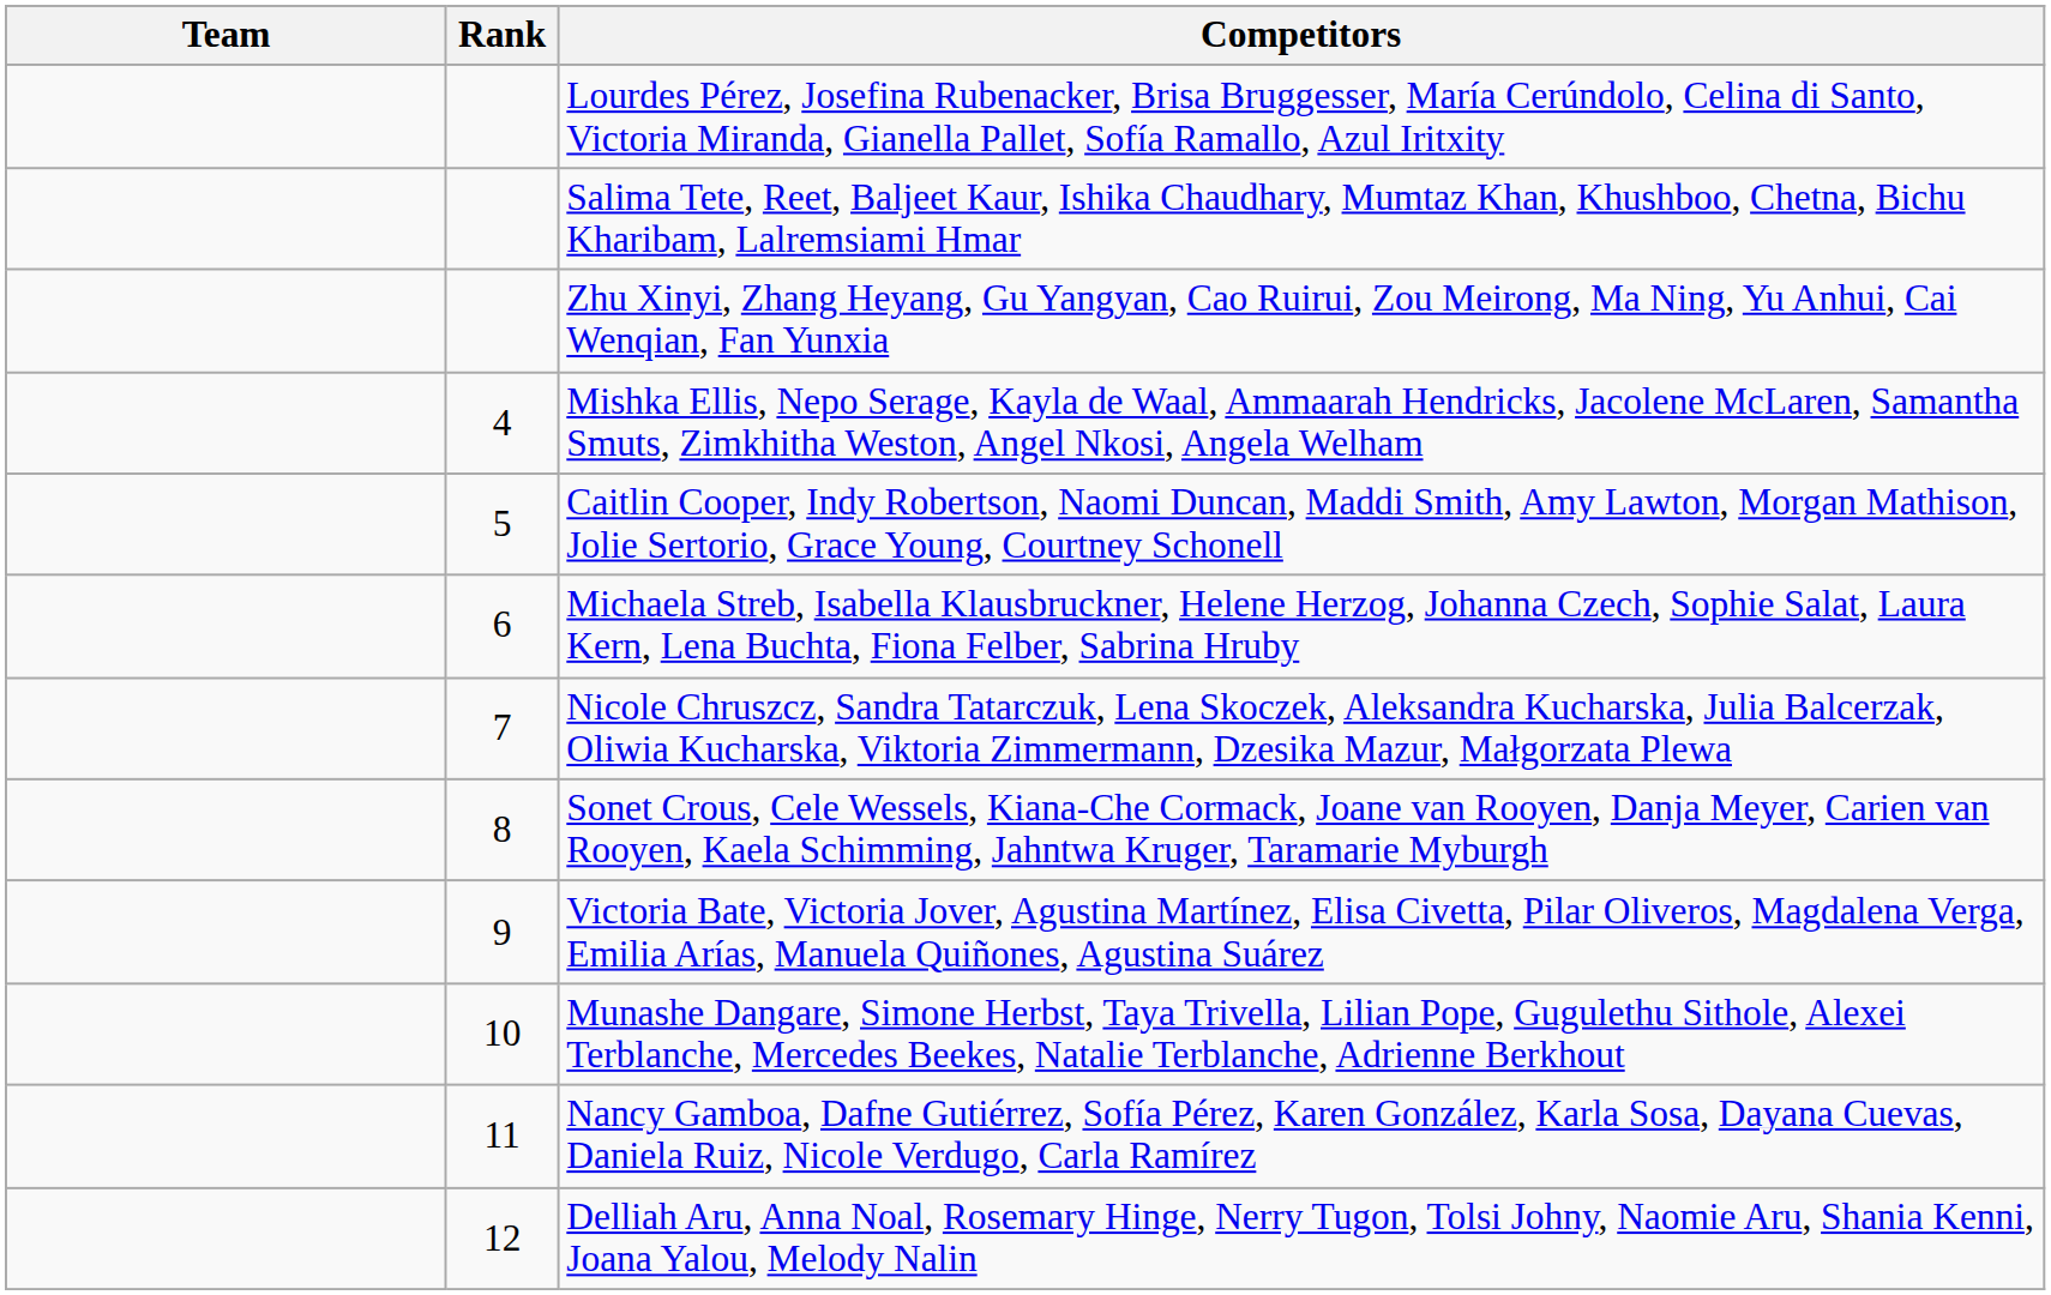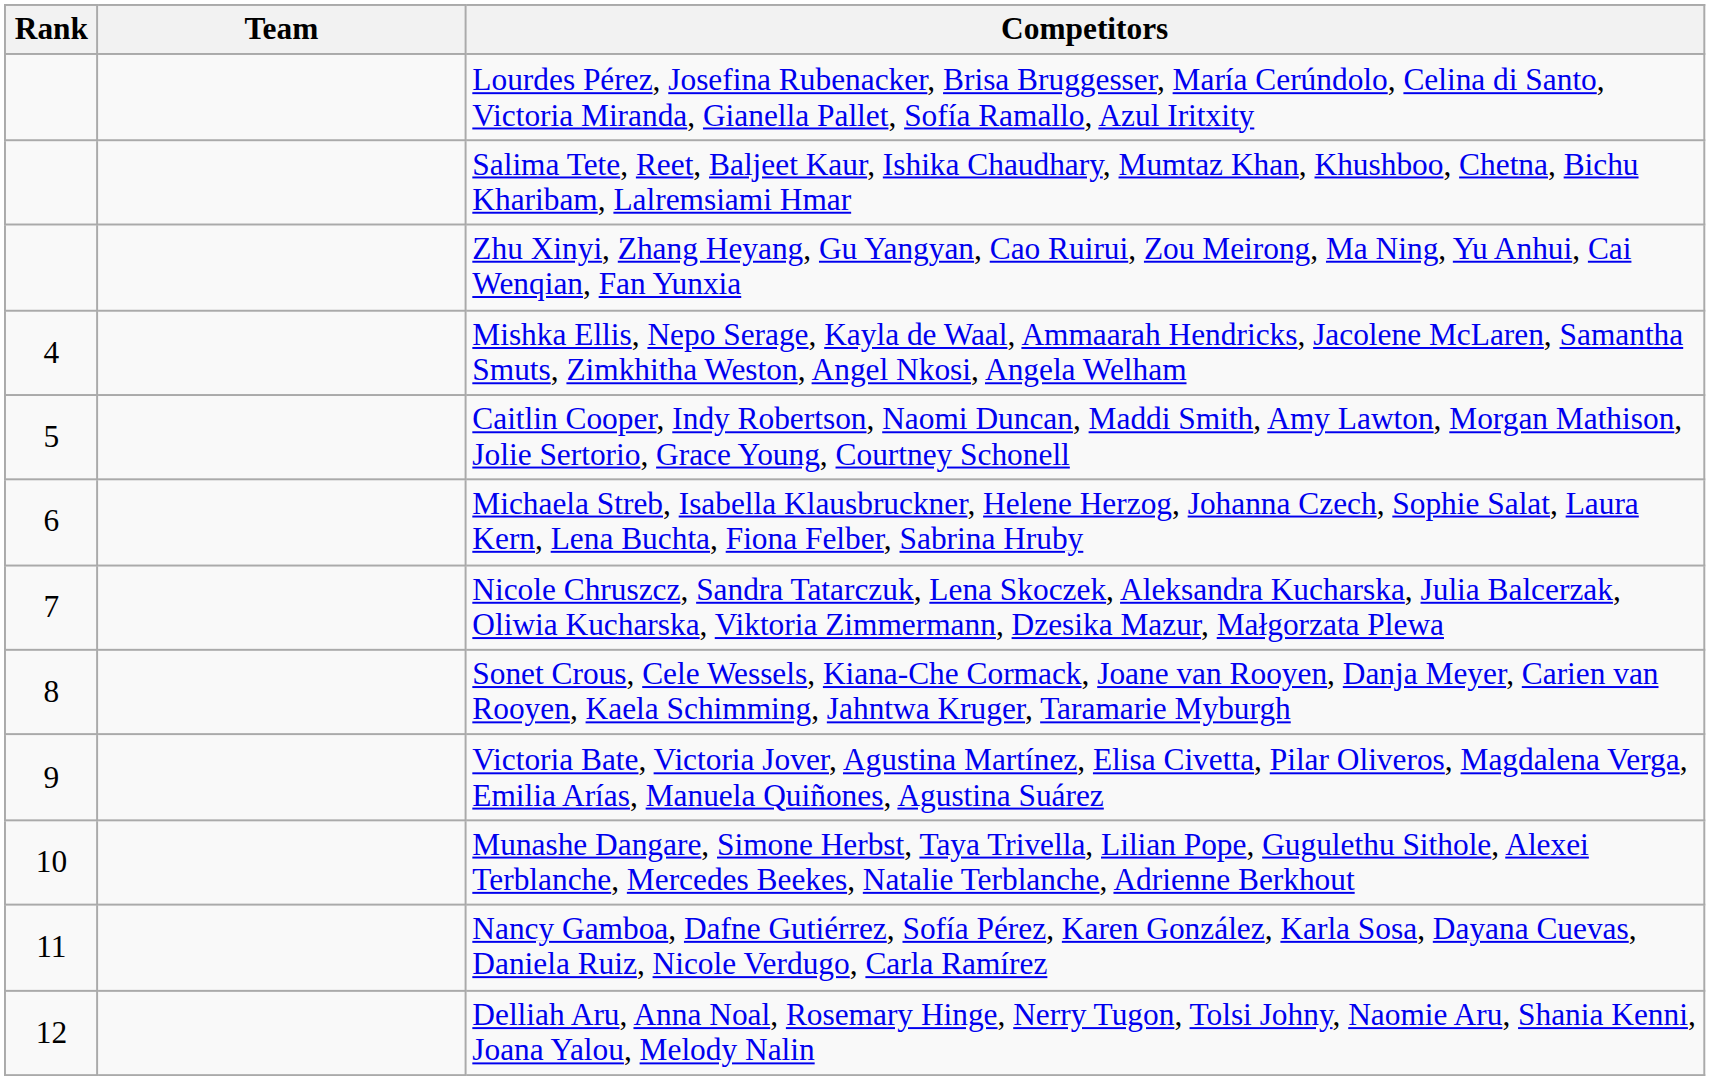 <table class="wikitable">
 <tr>
+<th width=40>Rank</th>
 <th width=180>Team</th>
-<th width=40>Rank</th>
 <th>Competitors</th>
 </tr>
 <tr>
+<td align=center></td>
 <td></td>
-<td align=center></td>
 <td><a href='#'>Lourdes Pérez</a>, <a href='#'>Josefina Rubenacker</a>, <a href='#'>Brisa Bruggesser</a>, <a href='#'>María Cerúndolo</a>, <a href='#'>Celina di Santo</a>, <a href='#'>Victoria Miranda</a>, <a href='#'>Gianella Pallet</a>, <a href='#'>Sofía Ramallo</a>, <a href='#'>Azul Iritxity</a></td>
 </tr>
 <tr>
+<td align=center></td>
 <td></td>
-<td align=center></td>
 <td><a href='#'>Salima Tete</a>, <a href='#'>Reet</a>, <a href='#'>Baljeet Kaur</a>, <a href='#'>Ishika Chaudhary</a>, <a href='#'>Mumtaz Khan</a>, <a href='#'>Khushboo</a>, <a href='#'>Chetna</a>, <a href='#'>Bichu Kharibam</a>, <a href='#'>Lalremsiami Hmar</a></td>
 </tr>
 <tr>
+<td align=center></td>
 <td></td>
-<td align=center></td>
 <td><a href='#'>Zhu Xinyi</a>, <a href='#'>Zhang Heyang</a>, <a href='#'>Gu Yangyan</a>, <a href='#'>Cao Ruirui</a>, <a href='#'>Zou Meirong</a>, <a href='#'>Ma Ning</a>, <a href='#'>Yu Anhui</a>, <a href='#'>Cai Wenqian</a>, <a href='#'>Fan Yunxia</a></td>
 </tr>
 <tr>
+<td align=center>4</td>
 <td></td>
-<td align=center>4</td>
 <td><a href='#'>Mishka Ellis</a>, <a href='#'>Nepo Serage</a>, <a href='#'>Kayla de Waal</a>, <a href='#'>Ammaarah Hendricks</a>, <a href='#'>Jacolene McLaren</a>, <a href='#'>Samantha Smuts</a>, <a href='#'>Zimkhitha Weston</a>, <a href='#'>Angel Nkosi</a>, <a href='#'>Angela Welham</a></td>
 </tr>
 <tr>
+<td align=center>5</td>
 <td></td>
-<td align=center>5</td>
 <td><a href='#'>Caitlin Cooper</a>, <a href='#'>Indy Robertson</a>, <a href='#'>Naomi Duncan</a>, <a href='#'>Maddi Smith</a>, <a href='#'>Amy Lawton</a>, <a href='#'>Morgan Mathison</a>, <a href='#'>Jolie Sertorio</a>, <a href='#'>Grace Young</a>, <a href='#'>Courtney Schonell</a></td>
 </tr>
 <tr>
+<td align=center>6</td>
 <td></td>
-<td align=center>6</td>
 <td><a href='#'>Michaela Streb</a>, <a href='#'>Isabella Klausbruckner</a>, <a href='#'>Helene Herzog</a>, <a href='#'>Johanna Czech</a>, <a href='#'>Sophie Salat</a>, <a href='#'>Laura Kern</a>, <a href='#'>Lena Buchta</a>, <a href='#'>Fiona Felber</a>, <a href='#'>Sabrina Hruby</a></td>
 </tr>
 <tr>
+<td align=center>7</td>
 <td></td>
-<td align=center>7</td>
 <td><a href='#'>Nicole Chruszcz</a>, <a href='#'>Sandra Tatarczuk</a>, <a href='#'>Lena Skoczek</a>, <a href='#'>Aleksandra Kucharska</a>, <a href='#'>Julia Balcerzak</a>, <a href='#'>Oliwia Kucharska</a>, <a href='#'>Viktoria Zimmermann</a>, <a href='#'>Dzesika Mazur</a>, <a href='#'>Małgorzata Plewa</a></td>
 </tr>
 <tr>
+<td align=center>8</td>
 <td></td>
-<td align=center>8</td>
 <td><a href='#'>Sonet Crous</a>, <a href='#'>Cele Wessels</a>, <a href='#'>Kiana-Che Cormack</a>, <a href='#'>Joane van Rooyen</a>, <a href='#'>Danja Meyer</a>, <a href='#'>Carien van Rooyen</a>, <a href='#'>Kaela Schimming</a>, <a href='#'>Jahntwa Kruger</a>, <a href='#'>Taramarie Myburgh</a></td>
 </tr>
 <tr>
+<td align=center>9</td>
 <td></td>
-<td align=center>9</td>
 <td><a href='#'>Victoria Bate</a>, <a href='#'>Victoria Jover</a>, <a href='#'>Agustina Martínez</a>, <a href='#'>Elisa Civetta</a>, <a href='#'>Pilar Oliveros</a>, <a href='#'>Magdalena Verga</a>, <a href='#'>Emilia Arías</a>, <a href='#'>Manuela Quiñones</a>, <a href='#'>Agustina Suárez</a></td>
 </tr>
 <tr>
+<td align=center>10</td>
 <td></td>
-<td align=center>10</td>
 <td><a href='#'>Munashe Dangare</a>, <a href='#'>Simone Herbst</a>, <a href='#'>Taya Trivella</a>, <a href='#'>Lilian Pope</a>, <a href='#'>Gugulethu Sithole</a>, <a href='#'>Alexei Terblanche</a>, <a href='#'>Mercedes Beekes</a>, <a href='#'>Natalie Terblanche</a>, <a href='#'>Adrienne Berkhout</a></td>
 </tr>
 <tr>
+<td align=center>11</td>
 <td></td>
-<td align=center>11</td>
 <td><a href='#'>Nancy Gamboa</a>, <a href='#'>Dafne Gutiérrez</a>, <a href='#'>Sofía Pérez</a>, <a href='#'>Karen González</a>, <a href='#'>Karla Sosa</a>, <a href='#'>Dayana Cuevas</a>, <a href='#'>Daniela Ruiz</a>, <a href='#'>Nicole Verdugo</a>, <a href='#'>Carla Ramírez</a></td>
 </tr>
 <tr>
+<td align=center>12</td>
 <td></td>
-<td align=center>12</td>
 <td><a href='#'>Delliah Aru</a>, <a href='#'>Anna Noal</a>, <a href='#'>Rosemary Hinge</a>, <a href='#'>Nerry Tugon</a>, <a href='#'>Tolsi Johny</a>, <a href='#'>Naomie Aru</a>, <a href='#'>Shania Kenni</a>, <a href='#'>Joana Yalou</a>, <a href='#'>Melody Nalin</a></td>
 </tr>
 </table>
